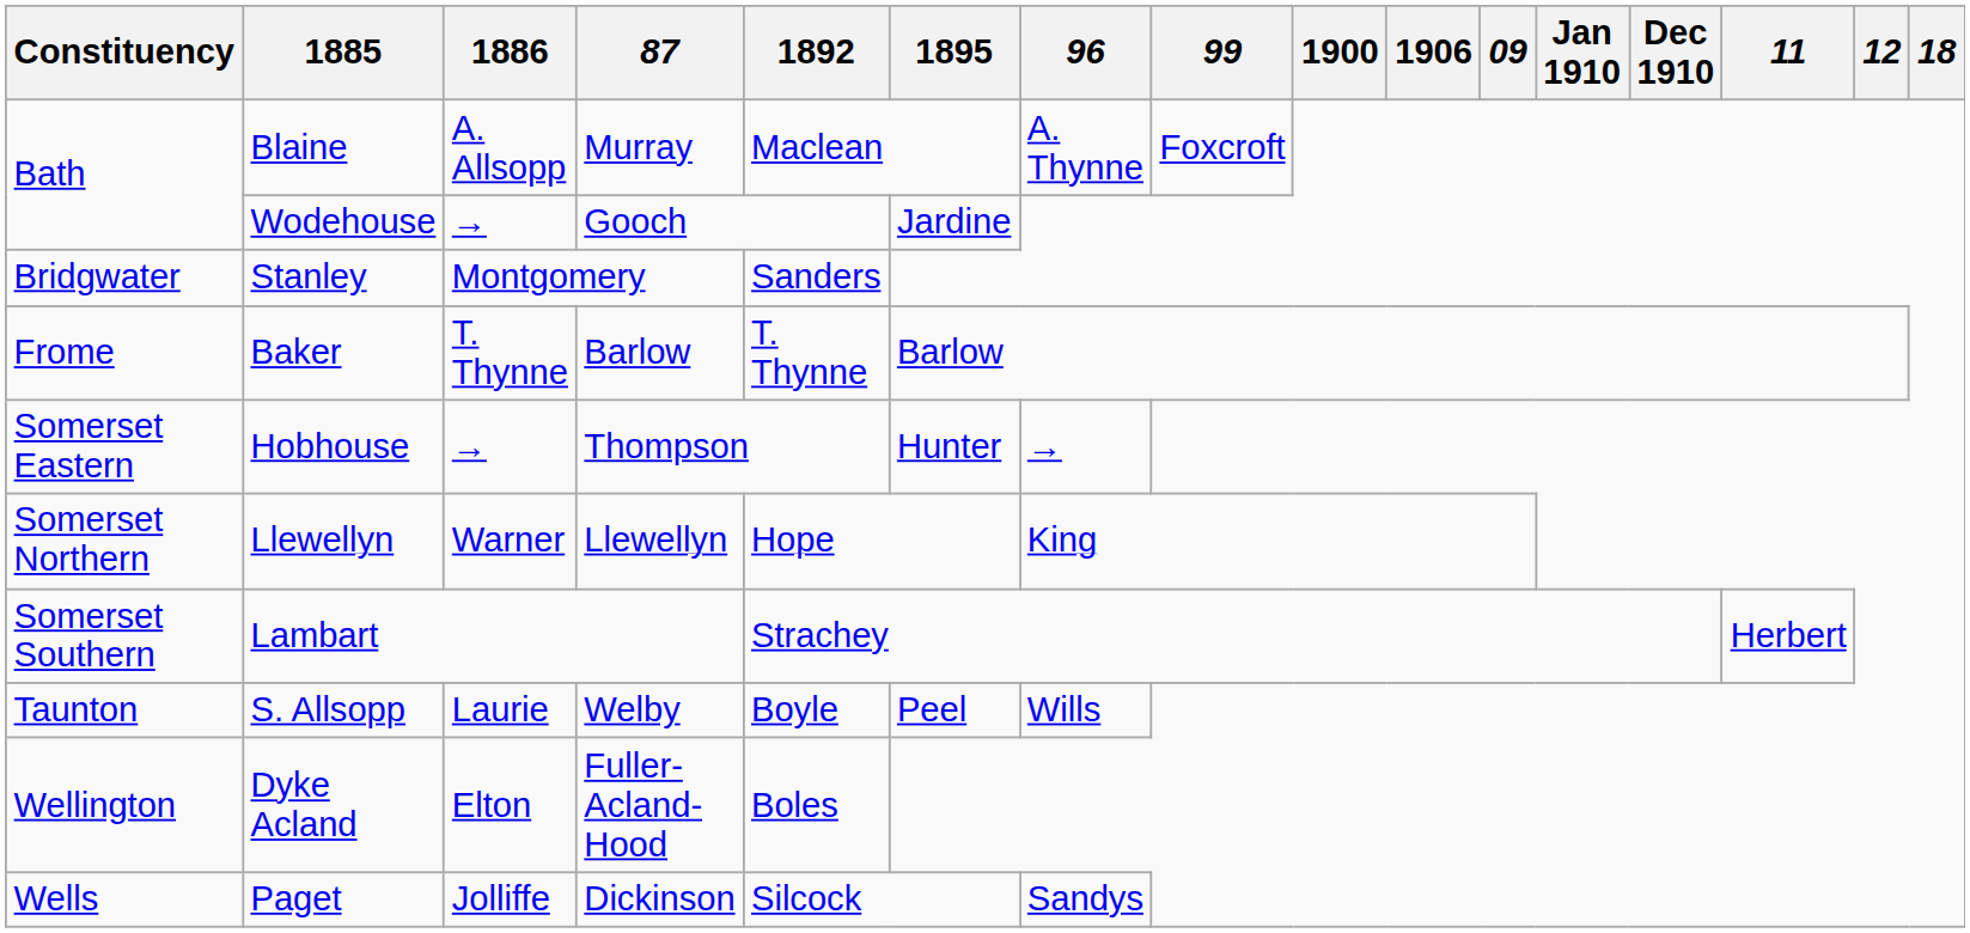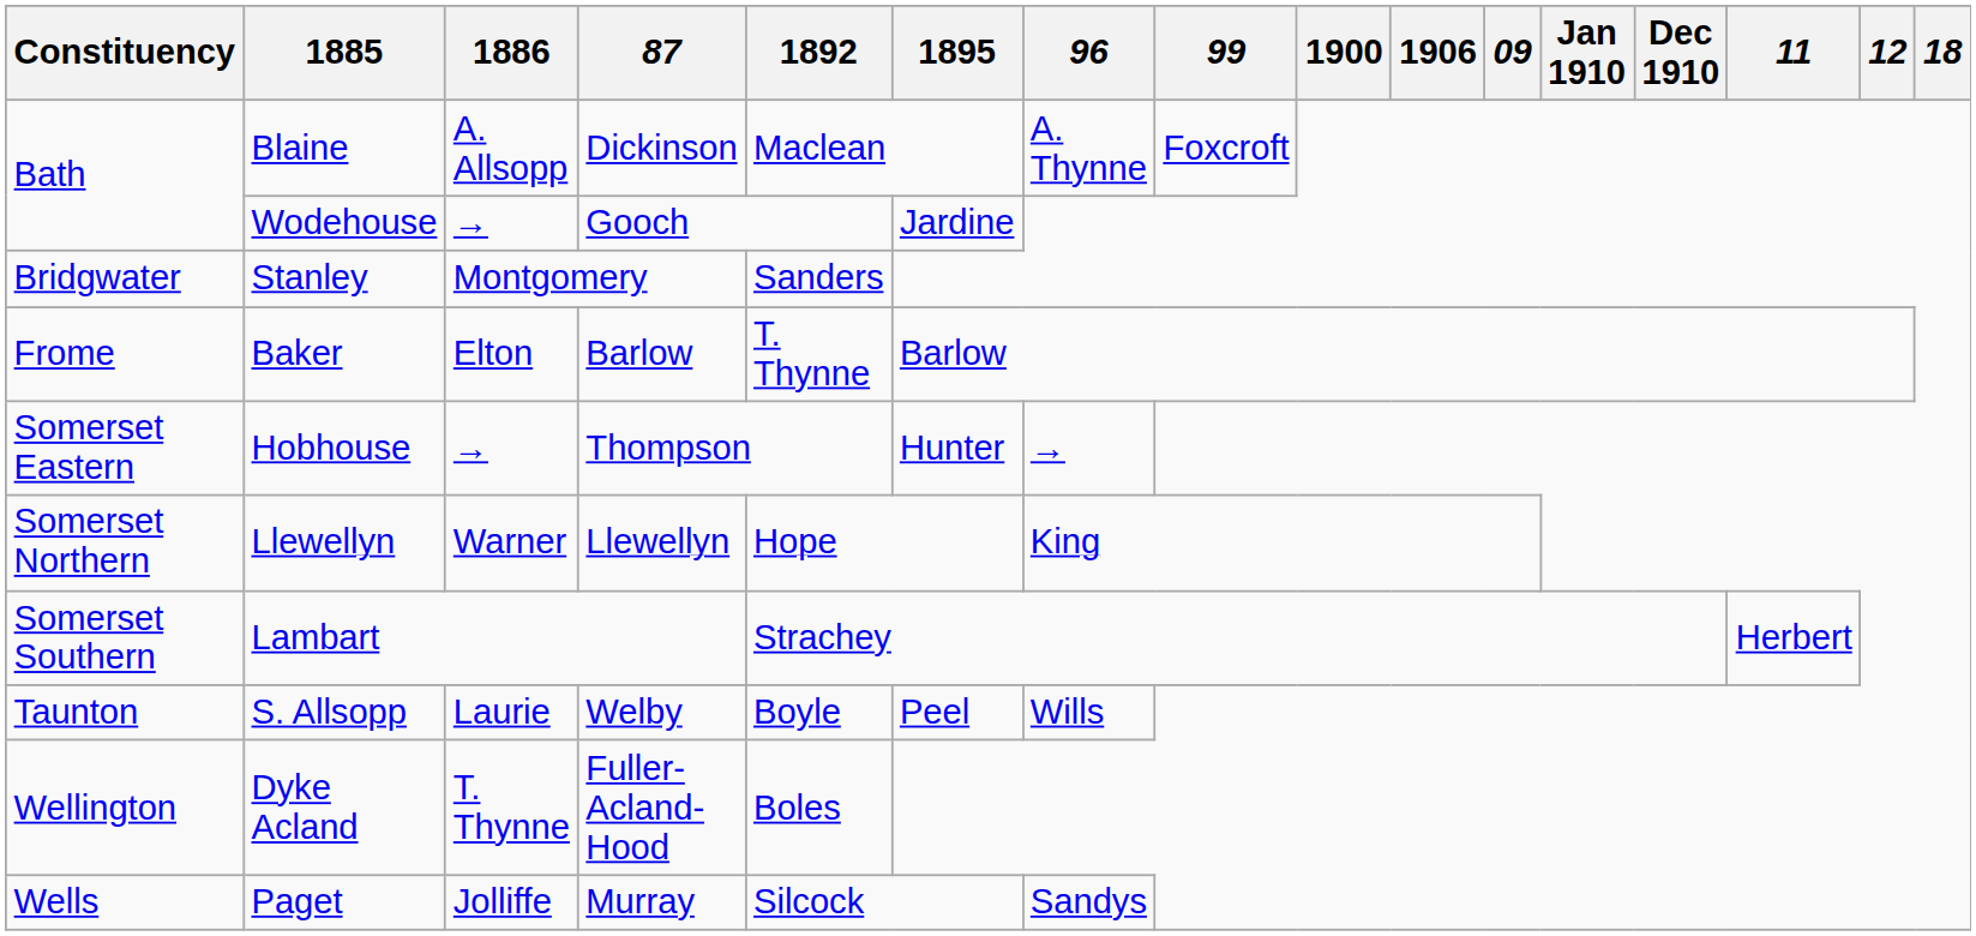 <table class="wikitable">
 <tr>
 <th>Constituency</th>
 <th>1885</th>
 <th>1886</th>
 <th><em>87</em></th>
 <th>1892</th>
 <th>1895</th>
 <th><em>96</em></th>
 <th><em>99</em></th>
 <th>1900</th>
 <th>1906</th>
 <th><em>09</em></th>
 <th>Jan 1910</th>
 <th>Dec 1910</th>
 <th><em>11</em></th>
 <th><em>12</em></th>
 <th><em>18</em></th>
 </tr>
 <tr>
 <td rowspan="2"><a href='#'>Bath</a></td>
 <td><a href='#'>Blaine</a></td>
 <td><a href='#'>A. Allsopp</a></td>
-<td><a href='#'>Murray</a></td>
+<td><a href='#'>Dickinson</a></td>
 <td colspan="2"><a href='#'>Maclean</a></td>
 <td><a href='#'>A. Thynne</a></td>
 <td><a href='#'>Foxcroft</a></td>
 </tr>
 <tr>
 <td><a href='#'>Wodehouse</a></td>
 <td><a href='#'>→</a></td>
 <td colspan="2"><a href='#'>Gooch</a></td>
 <td><a href='#'>Jardine</a></td>
 </tr>
 <tr>
 <td><a href='#'>Bridgwater</a></td>
 <td><a href='#'>Stanley</a></td>
 <td colspan="2"><a href='#'>Montgomery</a></td>
 <td><a href='#'>Sanders</a></td>
 </tr>
 <tr>
 <td><a href='#'>Frome</a></td>
 <td><a href='#'>Baker</a></td>
-<td><a href='#'>T. Thynne</a></td>
+<td><a href='#'>Elton</a></td>
 <td><a href='#'>Barlow</a></td>
 <td><a href='#'>T. Thynne</a></td>
 <td colspan="10"><a href='#'>Barlow</a></td>
 </tr>
 <tr>
 <td><a href='#'>Somerset Eastern</a></td>
 <td><a href='#'>Hobhouse</a></td>
 <td><a href='#'>→</a></td>
 <td colspan="2"><a href='#'>Thompson</a></td>
 <td><a href='#'>Hunter</a></td>
 <td><a href='#'>→</a></td>
 </tr>
 <tr>
 <td><a href='#'>Somerset Northern</a></td>
 <td><a href='#'>Llewellyn</a></td>
 <td><a href='#'>Warner</a></td>
 <td><a href='#'>Llewellyn</a></td>
 <td colspan="2"><a href='#'>Hope</a></td>
 <td colspan="5"><a href='#'>King</a></td>
 </tr>
 <tr>
 <td><a href='#'>Somerset Southern</a></td>
 <td colspan="3"><a href='#'>Lambart</a></td>
 <td colspan="9"><a href='#'>Strachey</a></td>
 <td><a href='#'>Herbert</a></td>
 </tr>
 <tr>
 <td><a href='#'>Taunton</a></td>
 <td><a href='#'>S. Allsopp</a></td>
 <td><a href='#'>Laurie</a></td>
 <td><a href='#'>Welby</a></td>
 <td><a href='#'>Boyle</a></td>
 <td><a href='#'>Peel</a></td>
 <td><a href='#'>Wills</a></td>
 </tr>
 <tr>
 <td><a href='#'>Wellington</a></td>
 <td><a href='#'>Dyke Acland</a></td>
-<td><a href='#'>Elton</a></td>
+<td><a href='#'>T. Thynne</a></td>
 <td><a href='#'>Fuller-Acland-Hood</a></td>
 <td><a href='#'>Boles</a></td>
 </tr>
 <tr>
 <td><a href='#'>Wells</a></td>
 <td><a href='#'>Paget</a></td>
 <td><a href='#'>Jolliffe</a></td>
-<td><a href='#'>Dickinson</a></td>
+<td><a href='#'>Murray</a></td>
 <td colspan="2"><a href='#'>Silcock</a></td>
 <td><a href='#'>Sandys</a></td>
 </tr>
 </table>
